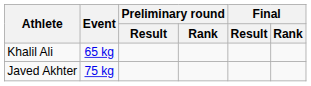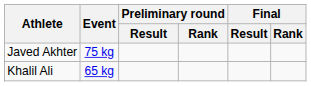 <table class=wikitable style="text-align:center; font-size:90%">
 <tr>
 <th rowspan=2>Athlete</th>
 <th rowspan=2>Event</th>
 <th colspan=2>Preliminary round</th>
 <th colspan=2>Final</th>
 </tr>
 <tr>
 <th>Result</th>
 <th>Rank</th>
 <th>Result</th>
 <th>Rank</th>
 </tr>
 <tr>
+<td style="text-align:left">Javed Akhter</td>
+<td><a href='#'>75 kg</a></td>
+<td></td>
+<td></td>
+<td></td>
+<td></td>
+</tr>
+<tr>
 <td style="text-align:left">Khalil Ali</td>
 <td><a href='#'>65 kg</a></td>
 <td></td>
 <td></td>
 <td></td>
 <td></td>
 </tr>
-<tr>
-<td style="text-align:left">Javed Akhter</td>
-<td><a href='#'>75 kg</a></td>
-<td></td>
-<td></td>
-<td></td>
-<td></td>
-</tr>
 </table>
